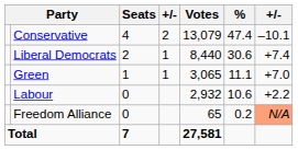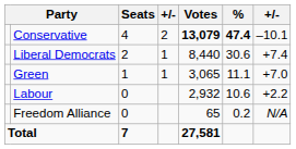 <table class="wikitable sortable">
 <tr>
 <th colspan="2">Party</th>
 <th>Seats</th>
 <th>+/-</th>
 <th>Votes</th>
 <th>%</th>
 <th>+/-</th>
 </tr>
 <tr>
 <td style="background-color: "></td>
 <td><a href='#'>Conservative</a></td>
 <td>4</td>
 <td> 2</td>
-<td style="text-align:right;">13,079</td>
-<td style="text-align:right;">47.4</td>
+<td style="text-align:right;"><strong>13,079</strong></td>
+<td style="text-align:right;"><strong>47.4</strong></td>
 <td style="text-align:right;">–10.1</td>
 </tr>
 <tr>
 <td style="background-color: "></td>
 <td><a href='#'>Liberal Democrats</a></td>
 <td>2</td>
 <td> 1</td>
 <td style="text-align:right;">8,440</td>
 <td style="text-align:right;">30.6</td>
 <td style="text-align:right;">+7.4</td>
 </tr>
 <tr>
 <td style="background-color: "></td>
 <td><a href='#'>Green</a></td>
 <td>1</td>
 <td> 1</td>
 <td style="text-align:right;">3,065</td>
 <td style="text-align:right;">11.1</td>
 <td style="text-align:right;">+7.0</td>
 </tr>
 <tr>
 <td style="background-color: "></td>
 <td><a href='#'>Labour</a></td>
 <td>0</td>
 <td></td>
 <td style="text-align:right;">2,932</td>
 <td style="text-align:right;">10.6</td>
 <td style="text-align:right;">+2.2</td>
 </tr>
 <tr>
 <td style="background-color: "></td>
 <td>Freedom Alliance</td>
 <td>0</td>
 <td></td>
 <td style="text-align:right;">65</td>
 <td style="text-align:right;">0.2</td>
-<td style="background: lightsalmon; text-align:right;"><em>N/A</em></td>
+<td style="text-align:right;"><em>N/A</em></td>
 </tr>
 <tr>
 <td colspan="2"><strong>Total</strong></td>
 <td><strong>7</strong></td>
 <td></td>
 <td style="text-align:right;"><strong>27,581</strong></td>
 <td style="text-align:right;"></td>
 <td style="text-align:right;"></td>
 </tr>
 </table>
